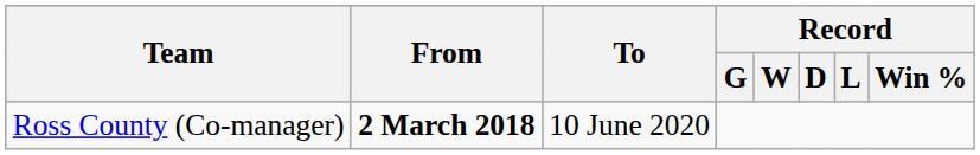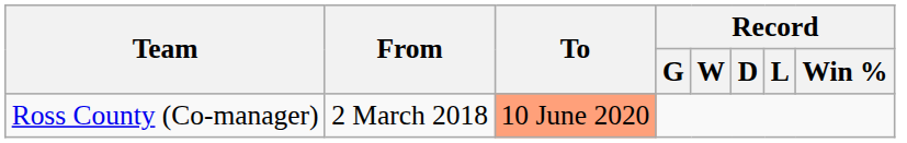 <table class="wikitable" style="text-align: center">
 <tr>
 <th rowspan="2">Team</th>
 <th rowspan="2">From</th>
 <th rowspan="2">To</th>
 <th colspan="5">Record</th>
 </tr>
 <tr>
 <th>G</th>
 <th>W</th>
 <th>D</th>
 <th>L</th>
 <th>Win %</th>
 </tr>
 <tr>
 <td align=left><a href='#'>Ross County</a> (Co-manager)</td>
-<td align=left><strong>2 March 2018</strong></td>
-<td align=left>10 June 2020<br></td>
+<td align=left>2 March 2018</td>
+<td align=left style="background: lightsalmon;">10 June 2020<br></td>
 </tr>
 </table>
